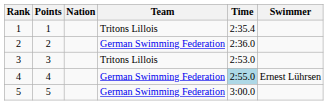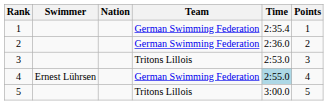 <table class="wikitable sortable" style="text-align:center">
 <tr>
 <th>Rank</th>
-<th>Points</th>
+<th>Swimmer</th>
 <th>Nation</th>
 <th>Team</th>
 <th>Time</th>
-<th>Swimmer</th>
+<th>Points</th>
 </tr>
 <tr>
 <td>1</td>
+<td align=left></td>
+<td align=left></td>
+<td align=left><a href='#'>German Swimming Federation</a></td>
+<td>2:35.4</td>
 <td>1</td>
-<td align=left></td>
-<td align=left>Tritons Lillois</td>
-<td>2:35.4</td>
-<td align=left></td>
 </tr>
 <tr>
 <td>2</td>
-<td>2</td>
+<td align=left></td>
 <td align=left></td>
 <td align=left><a href='#'>German Swimming Federation</a></td>
 <td>2:36.0</td>
-<td align=left></td>
+<td>2</td>
 </tr>
 <tr>
 <td>3</td>
-<td>3</td>
+<td align=left></td>
 <td align=left></td>
 <td align=left>Tritons Lillois</td>
 <td>2:53.0</td>
-<td align=left></td>
+<td>3</td>
 </tr>
 <tr>
 <td>4</td>
-<td>4</td>
+<td align=left>Ernest Lührsen</td>
 <td align=left></td>
 <td align=left><a href='#'>German Swimming Federation</a></td>
 <td style="background: lightblue;">2:55.0</td>
-<td align=left>Ernest Lührsen</td>
+<td>4</td>
 </tr>
 <tr>
 <td>5</td>
+<td align=left></td>
+<td align=left></td>
+<td align=left>Tritons Lillois</td>
+<td>3:00.0</td>
 <td>5</td>
-<td align=left></td>
-<td align=left><a href='#'>German Swimming Federation</a></td>
-<td>3:00.0</td>
-<td align=left></td>
 </tr>
 </table>
